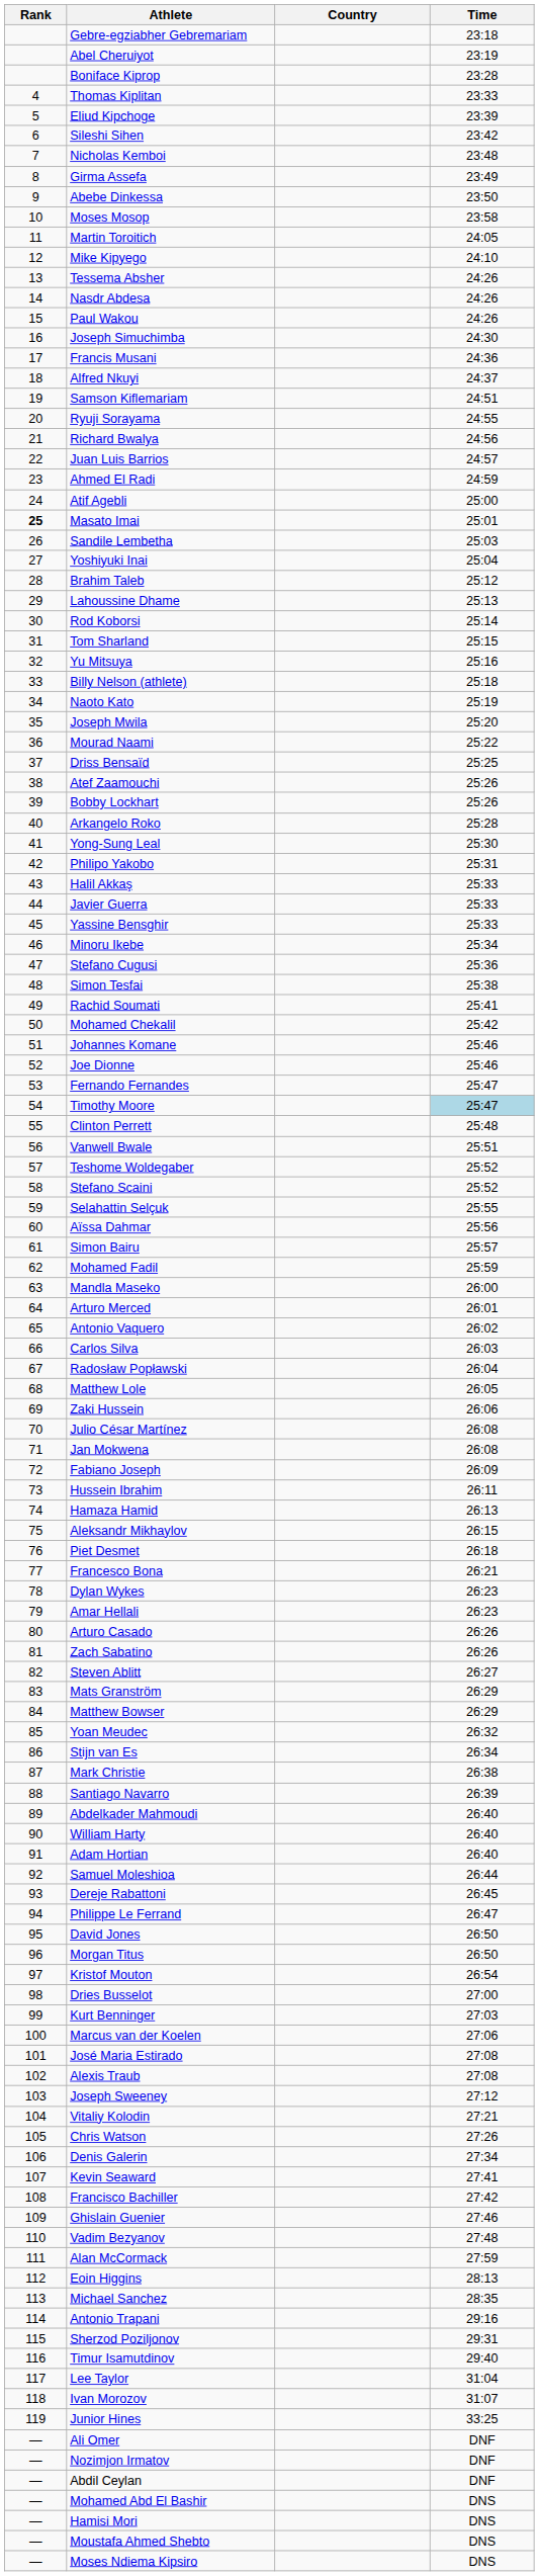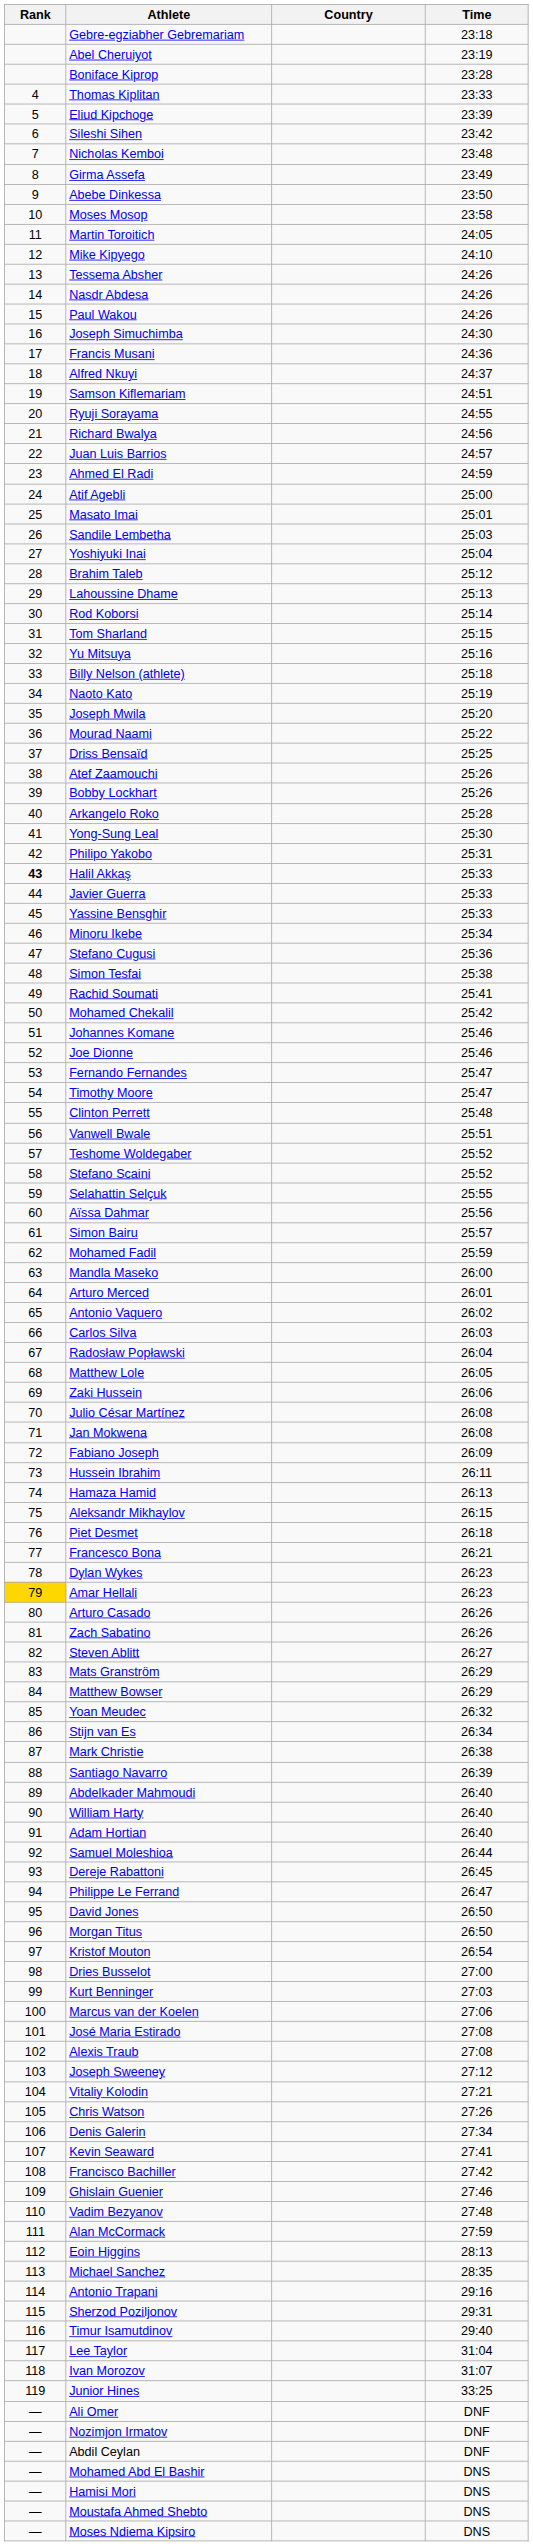 <table class="wikitable sortable" style=" text-align:center; font-size:95%;" width="50%">
 <tr>
 <th width=5%>Rank</th>
 <th width=20%>Athlete</th>
 <th width=15%>Country</th>
 <th width=10%>Time</th>
 </tr>
 <tr>
 <td align=center></td>
 <td align=left><a href='#'>Gebre-egziabher Gebremariam</a></td>
 <td align=left></td>
 <td>23:18</td>
 </tr>
 <tr>
 <td align=center></td>
 <td align=left><a href='#'>Abel Cheruiyot</a></td>
 <td align=left></td>
 <td>23:19</td>
 </tr>
 <tr>
 <td align=center></td>
 <td align=left><a href='#'>Boniface Kiprop</a></td>
 <td align=left></td>
 <td>23:28</td>
 </tr>
 <tr>
 <td align=center>4</td>
 <td align=left><a href='#'>Thomas Kiplitan</a></td>
 <td align=left></td>
 <td>23:33</td>
 </tr>
 <tr>
 <td align=center>5</td>
 <td align=left><a href='#'>Eliud Kipchoge</a></td>
 <td align=left></td>
 <td>23:39</td>
 </tr>
 <tr>
 <td align=center>6</td>
 <td align=left><a href='#'>Sileshi Sihen</a></td>
 <td align=left></td>
 <td>23:42</td>
 </tr>
 <tr>
 <td align=center>7</td>
 <td align=left><a href='#'>Nicholas Kemboi</a></td>
 <td align=left></td>
 <td>23:48</td>
 </tr>
 <tr>
 <td align=center>8</td>
 <td align=left><a href='#'>Girma Assefa</a></td>
 <td align=left></td>
 <td>23:49</td>
 </tr>
 <tr>
 <td align=center>9</td>
 <td align=left><a href='#'>Abebe Dinkessa</a></td>
 <td align=left></td>
 <td>23:50</td>
 </tr>
 <tr>
 <td align=center>10</td>
 <td align=left><a href='#'>Moses Mosop</a></td>
 <td align=left></td>
 <td>23:58</td>
 </tr>
 <tr>
 <td align=center>11</td>
 <td align=left><a href='#'>Martin Toroitich</a></td>
 <td align=left></td>
 <td>24:05</td>
 </tr>
 <tr>
 <td align=center>12</td>
 <td align=left><a href='#'>Mike Kipyego</a></td>
 <td align=left></td>
 <td>24:10</td>
 </tr>
 <tr>
 <td align=center>13</td>
 <td align=left><a href='#'>Tessema Absher</a></td>
 <td align=left></td>
 <td>24:26</td>
 </tr>
 <tr>
 <td align=center>14</td>
 <td align=left><a href='#'>Nasdr Abdesa</a></td>
 <td align=left></td>
 <td>24:26</td>
 </tr>
 <tr>
 <td align=center>15</td>
 <td align=left><a href='#'>Paul Wakou</a></td>
 <td align=left></td>
 <td>24:26</td>
 </tr>
 <tr>
 <td align=center>16</td>
 <td align=left><a href='#'>Joseph Simuchimba</a></td>
 <td align=left></td>
 <td>24:30</td>
 </tr>
 <tr>
 <td align=center>17</td>
 <td align=left><a href='#'>Francis Musani</a></td>
 <td align=left></td>
 <td>24:36</td>
 </tr>
 <tr>
 <td align=center>18</td>
 <td align=left><a href='#'>Alfred Nkuyi</a></td>
 <td align=left></td>
 <td>24:37</td>
 </tr>
 <tr>
 <td align=center>19</td>
 <td align=left><a href='#'>Samson Kiflemariam</a></td>
 <td align=left></td>
 <td>24:51</td>
 </tr>
 <tr>
 <td align=center>20</td>
 <td align=left><a href='#'>Ryuji Sorayama</a></td>
 <td align=left></td>
 <td>24:55</td>
 </tr>
 <tr>
 <td align=center>21</td>
 <td align=left><a href='#'>Richard Bwalya</a></td>
 <td align=left></td>
 <td>24:56</td>
 </tr>
 <tr>
 <td align=center>22</td>
 <td align=left><a href='#'>Juan Luis Barrios</a></td>
 <td align=left></td>
 <td>24:57</td>
 </tr>
 <tr>
 <td align=center>23</td>
 <td align=left><a href='#'>Ahmed El Radi</a></td>
 <td align=left></td>
 <td>24:59</td>
 </tr>
 <tr>
 <td align=center>24</td>
 <td align=left><a href='#'>Atif Agebli</a></td>
 <td align=left></td>
 <td>25:00</td>
 </tr>
 <tr>
-<td align=center><strong>25</strong></td>
+<td align=center>25</td>
 <td align=left><a href='#'>Masato Imai</a></td>
 <td align=left></td>
 <td>25:01</td>
 </tr>
 <tr>
 <td align=center>26</td>
 <td align=left><a href='#'>Sandile Lembetha</a></td>
 <td align=left></td>
 <td>25:03</td>
 </tr>
 <tr>
 <td align=center>27</td>
 <td align=left><a href='#'>Yoshiyuki Inai</a></td>
 <td align=left></td>
 <td>25:04</td>
 </tr>
 <tr>
 <td align=center>28</td>
 <td align=left><a href='#'>Brahim Taleb</a></td>
 <td align=left></td>
 <td>25:12</td>
 </tr>
 <tr>
 <td align=center>29</td>
 <td align=left><a href='#'>Lahoussine Dhame</a></td>
 <td align=left></td>
 <td>25:13</td>
 </tr>
 <tr>
 <td align=center>30</td>
 <td align=left><a href='#'>Rod Koborsi</a></td>
 <td align=left></td>
 <td>25:14</td>
 </tr>
 <tr>
 <td align=center>31</td>
 <td align=left><a href='#'>Tom Sharland</a></td>
 <td align=left></td>
 <td>25:15</td>
 </tr>
 <tr>
 <td align=center>32</td>
 <td align=left><a href='#'>Yu Mitsuya</a></td>
 <td align=left></td>
 <td>25:16</td>
 </tr>
 <tr>
 <td align=center>33</td>
 <td align=left><a href='#'>Billy Nelson (athlete)</a></td>
 <td align=left></td>
 <td>25:18</td>
 </tr>
 <tr>
 <td align=center>34</td>
 <td align=left><a href='#'>Naoto Kato</a></td>
 <td align=left></td>
 <td>25:19</td>
 </tr>
 <tr>
 <td align=center>35</td>
 <td align=left><a href='#'>Joseph Mwila</a></td>
 <td align=left></td>
 <td>25:20</td>
 </tr>
 <tr>
 <td align=center>36</td>
 <td align=left><a href='#'>Mourad Naami</a></td>
 <td align=left></td>
 <td>25:22</td>
 </tr>
 <tr>
 <td align=center>37</td>
 <td align=left><a href='#'>Driss Bensaïd</a></td>
 <td align=left></td>
 <td>25:25</td>
 </tr>
 <tr>
 <td align=center>38</td>
 <td align=left><a href='#'>Atef Zaamouchi</a></td>
 <td align=left></td>
 <td>25:26</td>
 </tr>
 <tr>
 <td align=center>39</td>
 <td align=left><a href='#'>Bobby Lockhart</a></td>
 <td align=left></td>
 <td>25:26</td>
 </tr>
 <tr>
 <td align=center>40</td>
 <td align=left><a href='#'>Arkangelo Roko</a></td>
 <td align=left></td>
 <td>25:28</td>
 </tr>
 <tr>
 <td align=center>41</td>
 <td align=left><a href='#'>Yong-Sung Leal</a></td>
 <td align=left></td>
 <td>25:30</td>
 </tr>
 <tr>
 <td align=center>42</td>
 <td align=left><a href='#'>Philipo Yakobo</a></td>
 <td align=left></td>
 <td>25:31</td>
 </tr>
 <tr>
-<td align=center>43</td>
+<td align=center><strong>43</strong></td>
 <td align=left><a href='#'>Halil Akkaş</a></td>
 <td align=left></td>
 <td>25:33</td>
 </tr>
 <tr>
 <td align=center>44</td>
 <td align=left><a href='#'>Javier Guerra</a></td>
 <td align=left></td>
 <td>25:33</td>
 </tr>
 <tr>
 <td align=center>45</td>
 <td align=left><a href='#'>Yassine Bensghir</a></td>
 <td align=left></td>
 <td>25:33</td>
 </tr>
 <tr>
 <td align=center>46</td>
 <td align=left><a href='#'>Minoru Ikebe</a></td>
 <td align=left></td>
 <td>25:34</td>
 </tr>
 <tr>
 <td align=center>47</td>
 <td align=left><a href='#'>Stefano Cugusi</a></td>
 <td align=left></td>
 <td>25:36</td>
 </tr>
 <tr>
 <td align=center>48</td>
 <td align=left><a href='#'>Simon Tesfai</a></td>
 <td align=left></td>
 <td>25:38</td>
 </tr>
 <tr>
 <td align=center>49</td>
 <td align=left><a href='#'>Rachid Soumati</a></td>
 <td align=left></td>
 <td>25:41</td>
 </tr>
 <tr>
 <td align=center>50</td>
 <td align=left><a href='#'>Mohamed Chekalil</a></td>
 <td align=left></td>
 <td>25:42</td>
 </tr>
 <tr>
 <td align=center>51</td>
 <td align=left><a href='#'>Johannes Komane</a></td>
 <td align=left></td>
 <td>25:46</td>
 </tr>
 <tr>
 <td align=center>52</td>
 <td align=left><a href='#'>Joe Dionne</a></td>
 <td align=left></td>
 <td>25:46</td>
 </tr>
 <tr>
 <td align=center>53</td>
 <td align=left><a href='#'>Fernando Fernandes</a></td>
 <td align=left></td>
 <td>25:47</td>
 </tr>
 <tr>
 <td align=center>54</td>
 <td align=left><a href='#'>Timothy Moore</a></td>
 <td align=left></td>
-<td style="background: lightblue;">25:47</td>
+<td>25:47</td>
 </tr>
 <tr>
 <td align=center>55</td>
 <td align=left><a href='#'>Clinton Perrett</a></td>
 <td align=left></td>
 <td>25:48</td>
 </tr>
 <tr>
 <td align=center>56</td>
 <td align=left><a href='#'>Vanwell Bwale</a></td>
 <td align=left></td>
 <td>25:51</td>
 </tr>
 <tr>
 <td align=center>57</td>
 <td align=left><a href='#'>Teshome Woldegaber</a></td>
 <td align=left></td>
 <td>25:52</td>
 </tr>
 <tr>
 <td align=center>58</td>
 <td align=left><a href='#'>Stefano Scaini</a></td>
 <td align=left></td>
 <td>25:52</td>
 </tr>
 <tr>
 <td align=center>59</td>
 <td align=left><a href='#'>Selahattin Selçuk</a></td>
 <td align=left></td>
 <td>25:55</td>
 </tr>
 <tr>
 <td align=center>60</td>
 <td align=left><a href='#'>Aïssa Dahmar</a></td>
 <td align=left></td>
 <td>25:56</td>
 </tr>
 <tr>
 <td align=center>61</td>
 <td align=left><a href='#'>Simon Bairu</a></td>
 <td align=left></td>
 <td>25:57</td>
 </tr>
 <tr>
 <td align=center>62</td>
 <td align=left><a href='#'>Mohamed Fadil</a></td>
 <td align=left></td>
 <td>25:59</td>
 </tr>
 <tr>
 <td align=center>63</td>
 <td align=left><a href='#'>Mandla Maseko</a></td>
 <td align=left></td>
 <td>26:00</td>
 </tr>
 <tr>
 <td align=center>64</td>
 <td align=left><a href='#'>Arturo Merced</a></td>
 <td align=left></td>
 <td>26:01</td>
 </tr>
 <tr>
 <td align=center>65</td>
 <td align=left><a href='#'>Antonio Vaquero</a></td>
 <td align=left></td>
 <td>26:02</td>
 </tr>
 <tr>
 <td align=center>66</td>
 <td align=left><a href='#'>Carlos Silva</a></td>
 <td align=left></td>
 <td>26:03</td>
 </tr>
 <tr>
 <td align=center>67</td>
 <td align=left><a href='#'>Radosław Popławski</a></td>
 <td align=left></td>
 <td>26:04</td>
 </tr>
 <tr>
 <td align=center>68</td>
 <td align=left><a href='#'>Matthew Lole</a></td>
 <td align=left></td>
 <td>26:05</td>
 </tr>
 <tr>
 <td align=center>69</td>
 <td align=left><a href='#'>Zaki Hussein</a></td>
 <td align=left></td>
 <td>26:06</td>
 </tr>
 <tr>
 <td align=center>70</td>
 <td align=left><a href='#'>Julio César Martínez</a></td>
 <td align=left></td>
 <td>26:08</td>
 </tr>
 <tr>
 <td align=center>71</td>
 <td align=left><a href='#'>Jan Mokwena</a></td>
 <td align=left></td>
 <td>26:08</td>
 </tr>
 <tr>
 <td align=center>72</td>
 <td align=left><a href='#'>Fabiano Joseph</a></td>
 <td align=left></td>
 <td>26:09</td>
 </tr>
 <tr>
 <td align=center>73</td>
 <td align=left><a href='#'>Hussein Ibrahim</a></td>
 <td align=left></td>
 <td>26:11</td>
 </tr>
 <tr>
 <td align=center>74</td>
 <td align=left><a href='#'>Hamaza Hamid</a></td>
 <td align=left></td>
 <td>26:13</td>
 </tr>
 <tr>
 <td align=center>75</td>
 <td align=left><a href='#'>Aleksandr Mikhaylov</a></td>
 <td align=left></td>
 <td>26:15</td>
 </tr>
 <tr>
 <td align=center>76</td>
 <td align=left><a href='#'>Piet Desmet</a></td>
 <td align=left></td>
 <td>26:18</td>
 </tr>
 <tr>
 <td align=center>77</td>
 <td align=left><a href='#'>Francesco Bona</a></td>
 <td align=left></td>
 <td>26:21</td>
 </tr>
 <tr>
 <td align=center>78</td>
 <td align=left><a href='#'>Dylan Wykes</a></td>
 <td align=left></td>
 <td>26:23</td>
 </tr>
 <tr>
-<td align=center>79</td>
+<td align=center style="background: gold;">79</td>
 <td align=left><a href='#'>Amar Hellali</a></td>
 <td align=left></td>
 <td>26:23</td>
 </tr>
 <tr>
 <td align=center>80</td>
 <td align=left><a href='#'>Arturo Casado</a></td>
 <td align=left></td>
 <td>26:26</td>
 </tr>
 <tr>
 <td align=center>81</td>
 <td align=left><a href='#'>Zach Sabatino</a></td>
 <td align=left></td>
 <td>26:26</td>
 </tr>
 <tr>
 <td align=center>82</td>
 <td align=left><a href='#'>Steven Ablitt</a></td>
 <td align=left></td>
 <td>26:27</td>
 </tr>
 <tr>
 <td align=center>83</td>
 <td align=left><a href='#'>Mats Granström</a></td>
 <td align=left></td>
 <td>26:29</td>
 </tr>
 <tr>
 <td align=center>84</td>
 <td align=left><a href='#'>Matthew Bowser</a></td>
 <td align=left></td>
 <td>26:29</td>
 </tr>
 <tr>
 <td align=center>85</td>
 <td align=left><a href='#'>Yoan Meudec</a></td>
 <td align=left></td>
 <td>26:32</td>
 </tr>
 <tr>
 <td align=center>86</td>
 <td align=left><a href='#'>Stijn van Es</a></td>
 <td align=left></td>
 <td>26:34</td>
 </tr>
 <tr>
 <td align=center>87</td>
 <td align=left><a href='#'>Mark Christie</a></td>
 <td align=left></td>
 <td>26:38</td>
 </tr>
 <tr>
 <td align=center>88</td>
 <td align=left><a href='#'>Santiago Navarro</a></td>
 <td align=left></td>
 <td>26:39</td>
 </tr>
 <tr>
 <td align=center>89</td>
 <td align=left><a href='#'>Abdelkader Mahmoudi</a></td>
 <td align=left></td>
 <td>26:40</td>
 </tr>
 <tr>
 <td align=center>90</td>
 <td align=left><a href='#'>William Harty</a></td>
 <td align=left></td>
 <td>26:40</td>
 </tr>
 <tr>
 <td align=center>91</td>
 <td align=left><a href='#'>Adam Hortian</a></td>
 <td align=left></td>
 <td>26:40</td>
 </tr>
 <tr>
 <td align=center>92</td>
 <td align=left><a href='#'>Samuel Moleshioa</a></td>
 <td align=left></td>
 <td>26:44</td>
 </tr>
 <tr>
 <td align=center>93</td>
 <td align=left><a href='#'>Dereje Rabattoni</a></td>
 <td align=left></td>
 <td>26:45</td>
 </tr>
 <tr>
 <td align=center>94</td>
 <td align=left><a href='#'>Philippe Le Ferrand</a></td>
 <td align=left></td>
 <td>26:47</td>
 </tr>
 <tr>
 <td align=center>95</td>
 <td align=left><a href='#'>David Jones</a></td>
 <td align=left></td>
 <td>26:50</td>
 </tr>
 <tr>
 <td align=center>96</td>
 <td align=left><a href='#'>Morgan Titus</a></td>
 <td align=left></td>
 <td>26:50</td>
 </tr>
 <tr>
 <td align=center>97</td>
 <td align=left><a href='#'>Kristof Mouton</a></td>
 <td align=left></td>
 <td>26:54</td>
 </tr>
 <tr>
 <td align=center>98</td>
 <td align=left><a href='#'>Dries Busselot</a></td>
 <td align=left></td>
 <td>27:00</td>
 </tr>
 <tr>
 <td align=center>99</td>
 <td align=left><a href='#'>Kurt Benninger</a></td>
 <td align=left></td>
 <td>27:03</td>
 </tr>
 <tr>
 <td align=center>100</td>
 <td align=left><a href='#'>Marcus van der Koelen</a></td>
 <td align=left></td>
 <td>27:06</td>
 </tr>
 <tr>
 <td align=center>101</td>
 <td align=left><a href='#'>José Maria Estirado</a></td>
 <td align=left></td>
 <td>27:08</td>
 </tr>
 <tr>
 <td align=center>102</td>
 <td align=left><a href='#'>Alexis Traub</a></td>
 <td align=left></td>
 <td>27:08</td>
 </tr>
 <tr>
 <td align=center>103</td>
 <td align=left><a href='#'>Joseph Sweeney</a></td>
 <td align=left></td>
 <td>27:12</td>
 </tr>
 <tr>
 <td align=center>104</td>
 <td align=left><a href='#'>Vitaliy Kolodin</a></td>
 <td align=left></td>
 <td>27:21</td>
 </tr>
 <tr>
 <td align=center>105</td>
 <td align=left><a href='#'>Chris Watson</a></td>
 <td align=left></td>
 <td>27:26</td>
 </tr>
 <tr>
 <td align=center>106</td>
 <td align=left><a href='#'>Denis Galerin</a></td>
 <td align=left></td>
 <td>27:34</td>
 </tr>
 <tr>
 <td align=center>107</td>
 <td align=left><a href='#'>Kevin Seaward</a></td>
 <td align=left></td>
 <td>27:41</td>
 </tr>
 <tr>
 <td align=center>108</td>
 <td align=left><a href='#'>Francisco Bachiller</a></td>
 <td align=left></td>
 <td>27:42</td>
 </tr>
 <tr>
 <td align=center>109</td>
 <td align=left><a href='#'>Ghislain Guenier</a></td>
 <td align=left></td>
 <td>27:46</td>
 </tr>
 <tr>
 <td align=center>110</td>
 <td align=left><a href='#'>Vadim Bezyanov</a></td>
 <td align=left></td>
 <td>27:48</td>
 </tr>
 <tr>
 <td align=center>111</td>
 <td align=left><a href='#'>Alan McCormack</a></td>
 <td align=left></td>
 <td>27:59</td>
 </tr>
 <tr>
 <td align=center>112</td>
 <td align=left><a href='#'>Eoin Higgins</a></td>
 <td align=left></td>
 <td>28:13</td>
 </tr>
 <tr>
 <td align=center>113</td>
 <td align=left><a href='#'>Michael Sanchez</a></td>
 <td align=left></td>
 <td>28:35</td>
 </tr>
 <tr>
 <td align=center>114</td>
 <td align=left><a href='#'>Antonio Trapani</a></td>
 <td align=left></td>
 <td>29:16</td>
 </tr>
 <tr>
 <td align=center>115</td>
 <td align=left><a href='#'>Sherzod Poziljonov</a></td>
 <td align=left></td>
 <td>29:31</td>
 </tr>
 <tr>
 <td align=center>116</td>
 <td align=left><a href='#'>Timur Isamutdinov</a></td>
 <td align=left></td>
 <td>29:40</td>
 </tr>
 <tr>
 <td align=center>117</td>
 <td align=left><a href='#'>Lee Taylor</a></td>
 <td align=left></td>
 <td>31:04</td>
 </tr>
 <tr>
 <td align=center>118</td>
 <td align=left><a href='#'>Ivan Morozov</a></td>
 <td align=left></td>
 <td>31:07</td>
 </tr>
 <tr>
 <td align=center>119</td>
 <td align=left><a href='#'>Junior Hines</a></td>
 <td align=left></td>
 <td>33:25</td>
 </tr>
 <tr>
 <td align=center>—</td>
 <td align=left><a href='#'>Ali Omer</a></td>
 <td align=left></td>
 <td>DNF</td>
 </tr>
 <tr>
 <td align=center>—</td>
 <td align=left><a href='#'>Nozimjon Irmatov</a></td>
 <td align=left></td>
 <td>DNF</td>
 </tr>
 <tr>
 <td align=center>—</td>
 <td align=left>Abdil Ceylan</td>
 <td align=left></td>
 <td>DNF</td>
 </tr>
 <tr>
 <td align=center>—</td>
 <td align=left><a href='#'>Mohamed Abd El Bashir</a></td>
 <td align=left></td>
 <td>DNS</td>
 </tr>
 <tr>
 <td align=center>—</td>
 <td align=left><a href='#'>Hamisi Mori</a></td>
 <td align=left></td>
 <td>DNS</td>
 </tr>
 <tr>
 <td align=center>—</td>
 <td align=left><a href='#'>Moustafa Ahmed Shebto</a></td>
 <td align=left></td>
 <td>DNS</td>
 </tr>
 <tr>
 <td align=center>—</td>
 <td align=left><a href='#'>Moses Ndiema Kipsiro</a></td>
 <td align=left></td>
 <td>DNS</td>
 </tr>
 </table>
